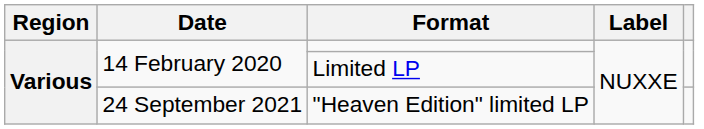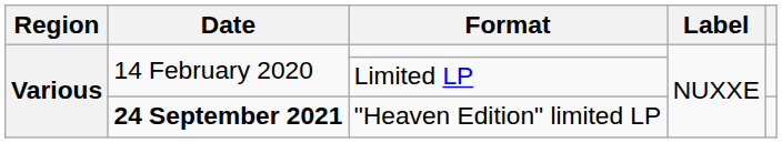 <table class="wikitable plainrowheaders">
 <tr>
 <th scope="col">Region</th>
 <th scope="col">Date</th>
 <th scope="col">Format</th>
 <th scope="col">Label</th>
 <th scope="col"></th>
 </tr>
 <tr>
 <th rowspan="3" scope="row">Various</th>
 <td rowspan="2">14 February 2020</td>
 <td></td>
 <td rowspan="3">NUXXE</td>
 <td rowspan="2"></td>
 </tr>
 <tr>
 <td>Limited <a href='#'>LP</a></td>
 </tr>
 <tr>
-<td>24 September 2021</td>
+<td><strong>24 September 2021</strong></td>
 <td>"Heaven Edition" limited LP</td>
 <td></td>
 </tr>
 </table>
